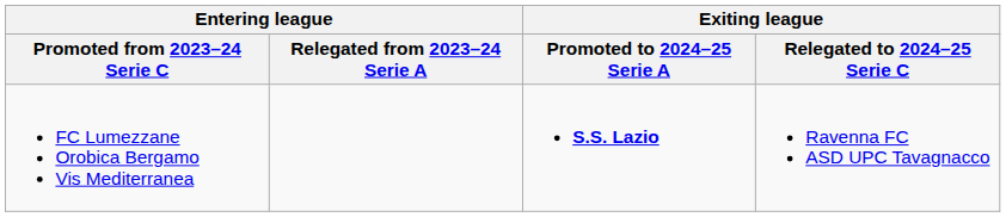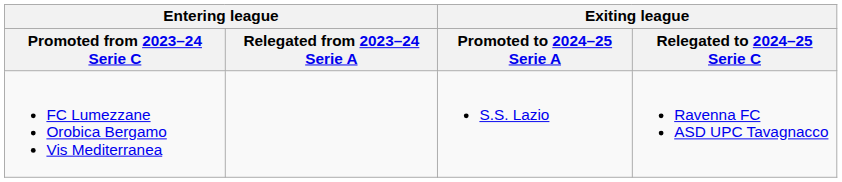 <table class="wikitable">
 <tr>
 <th colspan="2">Entering league</th>
 <th colspan="2">Exiting league</th>
 </tr>
 <tr>
 <th>Promoted from <a href='#'>2023–24 Serie C</a></th>
 <th>Relegated from <a href='#'>2023–24 Serie A</a></th>
 <th>Promoted to <a href='#'>2024–25 Serie A</a></th>
 <th>Relegated to <a href='#'>2024–25 Serie C</a></th>
 </tr>
 <tr style="vertical-align:top;">
 <td><br><ul><li><a href='#'>FC Lumezzane</a></li><li><a href='#'>Orobica Bergamo</a></li><li><a href='#'>Vis Mediterranea</a></li></ul></td>
 <td></td>
-<td><strong><br><ul><li><a href='#'>S.S. Lazio</a></li></ul></strong></td>
+<td><br><ul><li><a href='#'>S.S. Lazio</a></li></ul></td>
 <td><br><ul><li><a href='#'>Ravenna FC</a></li><li><a href='#'>ASD UPC Tavagnacco</a></li></ul></td>
 </tr>
 </table>
